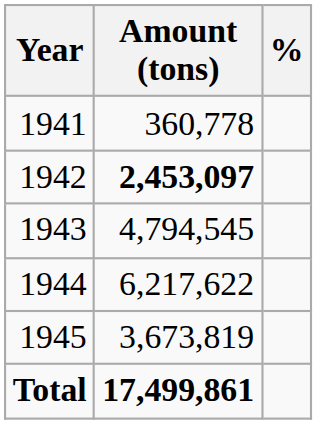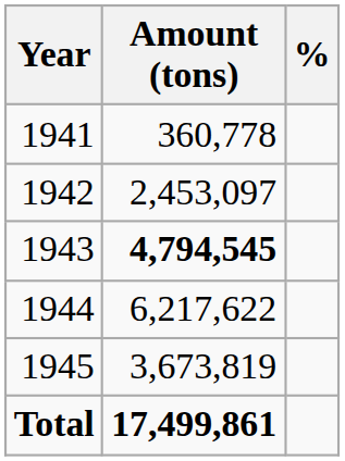 <table class="wikitable floatright" style=text-align:right;>
 <tr class="hintergrundfarbe6">
 <th>Year</th>
 <th>Amount<br>(tons)</th>
 <th colspan=2>%</th>
 </tr>
 <tr class="hintergrundfarbe2">
 <td>1941</td>
 <td>360,778</td>
 <td></td>
 </tr>
 <tr class="hintergrundfarbe2">
 <td>1942</td>
-<td><strong>2,453,097</strong></td>
+<td>2,453,097</td>
 <td></td>
 </tr>
 <tr class="hintergrundfarbe2">
 <td>1943</td>
-<td>4,794,545</td>
+<td><strong>4,794,545</strong></td>
 <td></td>
 </tr>
 <tr class="hintergrundfarbe2">
 <td>1944</td>
 <td>6,217,622</td>
 <td></td>
 </tr>
 <tr class="hintergrundfarbe2">
 <td>1945</td>
 <td>3,673,819</td>
 <td></td>
 </tr>
 <tr class="hintergrundfarbe2">
 <td><strong>Total</strong></td>
 <td><strong>17,499,861</strong></td>
 <td></td>
 </tr>
 </table>
